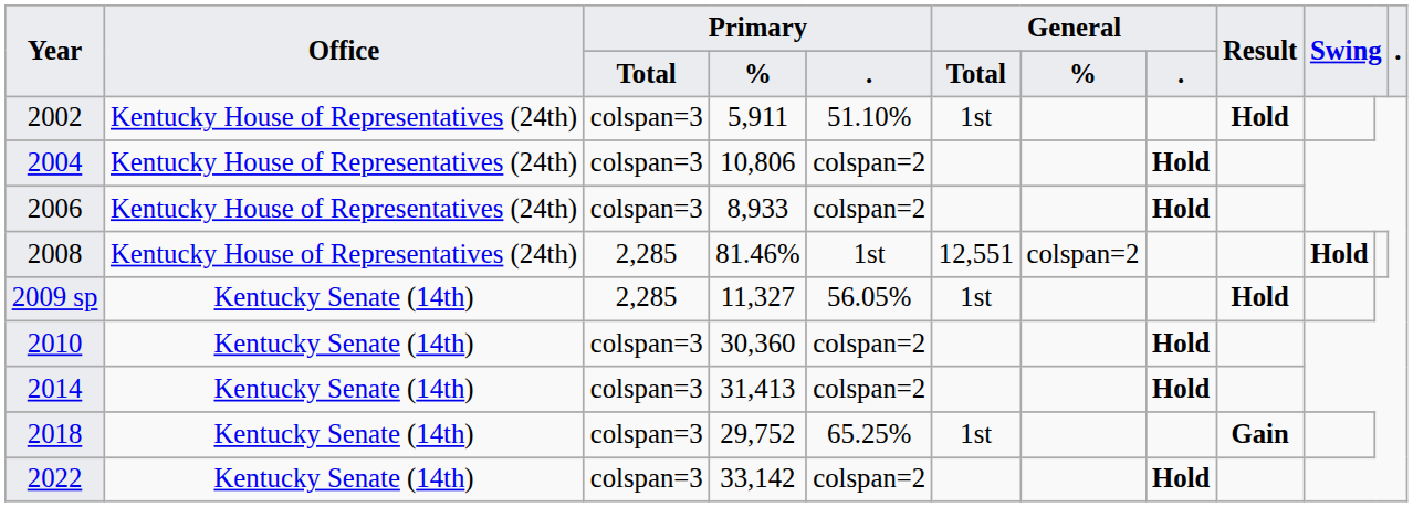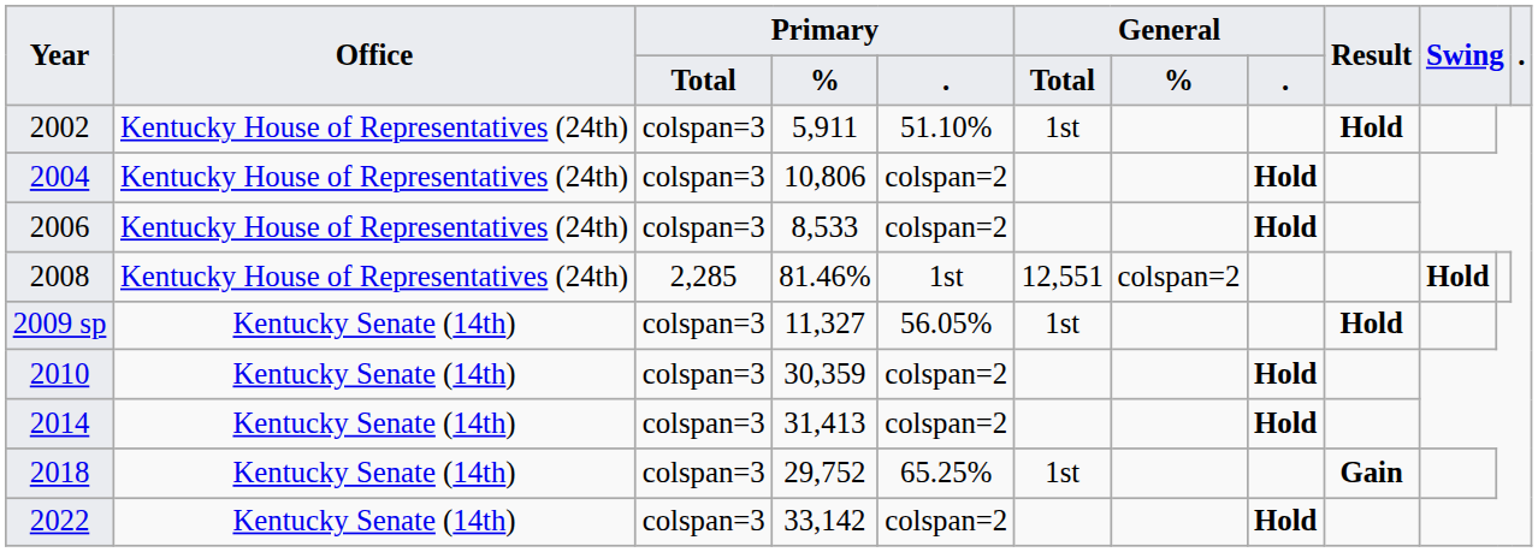 <table class="wikitable" style="font-size:90%; text-align:center;">
 <tr>
 <th style="background-color:#EAECF0;" rowspan=2>Year</th>
 <th style="background-color:#EAECF0;" rowspan=2>Office</th>
 <th style="background-color:#EAECF0;" colspan=3>Primary</th>
 <th style="background-color:#EAECF0;" colspan=3>General</th>
 <th style="background-color:#EAECF0;" rowspan=2>Result</th>
 <th style="background-color:#EAECF0;" colspan=2 rowspan=2><a href='#'>Swing</a></th>
 <th style="background-color:#EAECF0;" rowspan=2>.</th>
 </tr>
 <tr>
 <th style="background-color:#EAECF0;">Total</th>
 <th style="background-color:#EAECF0;">%</th>
 <th style="background-color:#EAECF0;">.</th>
 <th style="background-color:#EAECF0;">Total</th>
 <th style="background-color:#EAECF0;">%</th>
 <th style="background-color:#EAECF0;">.</th>
 </tr>
 <tr>
 <td style="background-color:#EAECF0;">2002</td>
 <td><a href='#'>Kentucky House of Representatives</a> (24th)</td>
 <td>colspan=3 </td>
 <td>5,911</td>
 <td>51.10%</td>
 <td>1st</td>
 <td></td>
 <td style="background-color:"></td>
 <td><strong>Hold</strong></td>
 <td></td>
 </tr>
 <tr>
 <td style="background-color:#EAECF0;"><a href='#'>2004</a></td>
 <td><a href='#'>Kentucky House of Representatives</a> (24th)</td>
 <td>colspan=3 </td>
 <td>10,806</td>
 <td>colspan=2 </td>
 <td></td>
 <td style="background-color:"></td>
 <td><strong>Hold</strong></td>
 <td></td>
 </tr>
 <tr>
 <td style="background-color:#EAECF0;">2006</td>
 <td><a href='#'>Kentucky House of Representatives</a> (24th)</td>
 <td>colspan=3 </td>
-<td>8,933</td>
+<td>8,533</td>
 <td>colspan=2 </td>
 <td></td>
 <td style="background-color:"></td>
 <td><strong>Hold</strong></td>
 <td></td>
 </tr>
 <tr>
 <td style="background-color:#EAECF0;">2008</td>
 <td><a href='#'>Kentucky House of Representatives</a> (24th)</td>
 <td>2,285</td>
 <td>81.46%</td>
 <td>1st</td>
 <td>12,551</td>
 <td>colspan=2 </td>
 <td></td>
 <td style="background-color:"></td>
 <td><strong>Hold</strong></td>
 <td></td>
 </tr>
 <tr>
 <td style="background-color:#EAECF0;"><a href='#'>2009 sp</a></td>
 <td><a href='#'>Kentucky Senate</a> (<a href='#'>14th</a>)</td>
-<td>2,285</td>
+<td>colspan=3 </td>
 <td>11,327</td>
 <td>56.05%</td>
 <td>1st</td>
 <td></td>
 <td style="background-color:"></td>
 <td><strong>Hold</strong></td>
 <td></td>
 </tr>
 <tr>
 <td style="background-color:#EAECF0;"><a href='#'>2010</a></td>
 <td><a href='#'>Kentucky Senate</a> (<a href='#'>14th</a>)</td>
 <td>colspan=3 </td>
-<td>30,360</td>
+<td>30,359</td>
 <td>colspan=2 </td>
 <td></td>
 <td style="background-color:"></td>
 <td><strong>Hold</strong></td>
 <td></td>
 </tr>
 <tr>
 <td style="background-color:#EAECF0;"><a href='#'>2014</a></td>
 <td><a href='#'>Kentucky Senate</a> (<a href='#'>14th</a>)</td>
 <td>colspan=3 </td>
 <td>31,413</td>
 <td>colspan=2 </td>
 <td></td>
 <td style="background-color:"></td>
 <td><strong>Hold</strong></td>
 <td></td>
 </tr>
 <tr>
 <td style="background-color:#EAECF0;"><a href='#'>2018</a></td>
 <td><a href='#'>Kentucky Senate</a> (<a href='#'>14th</a>)</td>
 <td>colspan=3 </td>
 <td>29,752</td>
 <td>65.25%</td>
 <td>1st</td>
 <td></td>
 <td style="background-color:"></td>
 <td><strong>Gain</strong></td>
 <td></td>
 </tr>
 <tr>
 <td style="background-color:#EAECF0;"><a href='#'>2022</a></td>
 <td><a href='#'>Kentucky Senate</a> (<a href='#'>14th</a>)</td>
 <td>colspan=3 </td>
 <td>33,142</td>
 <td>colspan=2 </td>
 <td></td>
 <td style="background-color:"></td>
 <td><strong>Hold</strong></td>
 <td></td>
 </tr>
 </table>
